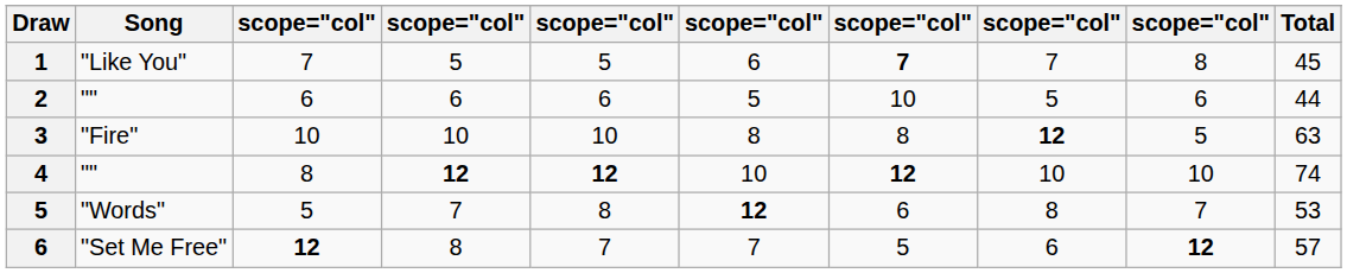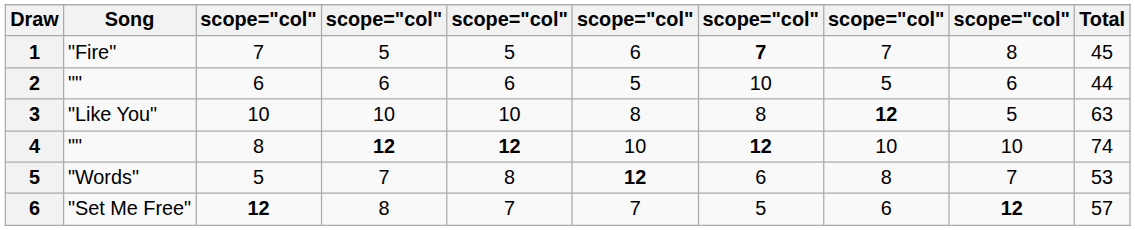 <table class="wikitable collapsible plainrowheaders" style="margin: 1em auto 1em auto; text-align:center;">
 <tr>
 </tr>
 <tr>
 <th>Draw</th>
 <th>Song</th>
 <th>scope="col" </th>
 <th>scope="col" </th>
 <th>scope="col" </th>
 <th>scope="col" </th>
 <th>scope="col" </th>
 <th>scope="col" </th>
 <th>scope="col" </th>
 <th>Total</th>
 </tr>
 <tr>
 <th scope="row" style="text-align:center">1</th>
-<td align="left">"Like You"</td>
+<td align="left">"Fire"</td>
 <td>7</td>
 <td>5</td>
 <td>5</td>
 <td>6</td>
 <td><strong>7</strong></td>
 <td>7</td>
 <td>8</td>
 <td>45</td>
 </tr>
 <tr>
 <th scope="row" style="text-align:center">2</th>
 <td align="left">""</td>
 <td>6</td>
 <td>6</td>
 <td>6</td>
 <td>5</td>
 <td>10</td>
 <td>5</td>
 <td>6</td>
 <td>44</td>
 </tr>
 <tr>
 <th scope="row" style="text-align:center">3</th>
-<td align="left">"Fire"</td>
+<td align="left">"Like You"</td>
 <td>10</td>
 <td>10</td>
 <td>10</td>
 <td>8</td>
 <td>8</td>
 <td><strong>12</strong></td>
 <td>5</td>
 <td>63</td>
 </tr>
 <tr>
 <th scope="row" style="text-align:center">4</th>
 <td align="left">""</td>
 <td>8</td>
 <td><strong>12</strong></td>
 <td><strong>12</strong></td>
 <td>10</td>
 <td><strong>12</strong></td>
 <td>10</td>
 <td>10</td>
 <td>74</td>
 </tr>
 <tr>
 <th scope="row" style="text-align:center">5</th>
 <td align="left">"Words"</td>
 <td>5</td>
 <td>7</td>
 <td>8</td>
 <td><strong>12</strong></td>
 <td>6</td>
 <td>8</td>
 <td>7</td>
 <td>53</td>
 </tr>
 <tr>
 <th scope="row" style="text-align:center">6</th>
 <td align="left">"Set Me Free"</td>
 <td><strong>12</strong></td>
 <td>8</td>
 <td>7</td>
 <td>7</td>
 <td>5</td>
 <td>6</td>
 <td><strong>12</strong></td>
 <td>57</td>
 </tr>
 </table>
